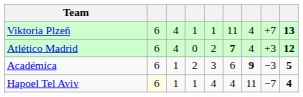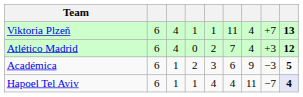 <table class="wikitable" style="text-align: center;">
 <tr>
 <th width=200>Team</th>
 <th width=20></th>
 <th width=20></th>
 <th width=20></th>
 <th width=20></th>
 <th width=20></th>
 <th width=20></th>
 <th width=20></th>
 <th width=20></th>
 </tr>
 <tr bgcolor=ccffcc>
 <td align=left> <a href='#'>Viktoria Plzeň</a></td>
 <td>6</td>
 <td>4</td>
 <td>1</td>
 <td>1</td>
 <td>11</td>
 <td>4</td>
 <td>+7</td>
 <td><strong>13</strong></td>
 </tr>
 <tr bgcolor=ccffcc>
 <td align=left> <a href='#'>Atlético Madrid</a></td>
 <td>6</td>
 <td>4</td>
 <td>0</td>
 <td>2</td>
-<td><strong>7</strong></td>
+<td>7</td>
 <td>4</td>
 <td>+3</td>
 <td><strong>12</strong></td>
 </tr>
 <tr>
 <td align=left> <a href='#'>Académica</a></td>
 <td>6</td>
 <td>1</td>
 <td>2</td>
 <td>3</td>
 <td>6</td>
-<td><strong>9</strong></td>
+<td>9</td>
 <td>−3</td>
 <td><strong>5</strong></td>
 </tr>
 <tr>
 <td align=left> <a href='#'>Hapoel Tel Aviv</a></td>
-<td style="background: lightyellow;">6</td>
+<td>6</td>
 <td>1</td>
 <td>1</td>
 <td>4</td>
 <td>4</td>
 <td>11</td>
 <td>−7</td>
-<td><strong>4</strong></td>
+<td style="background: lavender;"><strong>4</strong></td>
 </tr>
 </table>
